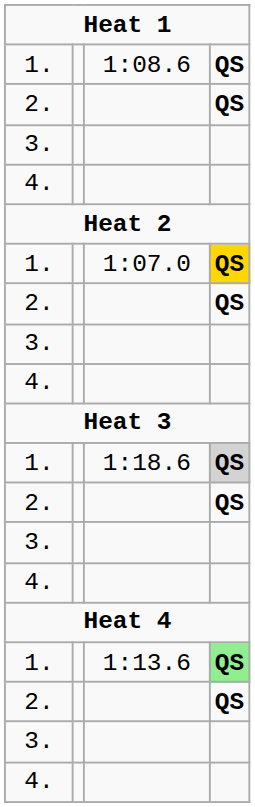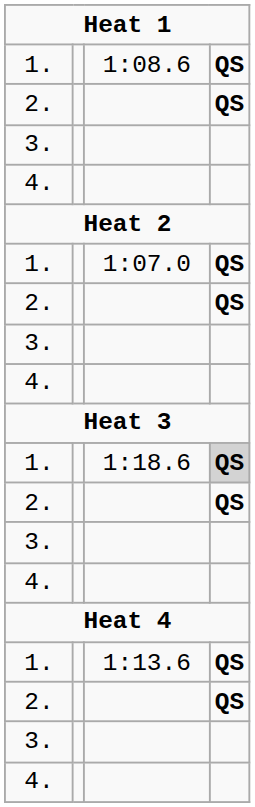 <table class=wikitable style="text-align:center">
 <tr>
 <td colspan=4><strong>Heat 1</strong></td>
 </tr>
 <tr>
 <td width=30>1.</td>
 <td align=left></td>
 <td width=60>1:08.6</td>
 <td><strong>QS</strong></td>
 </tr>
 <tr>
 <td>2.</td>
 <td align=left></td>
 <td></td>
 <td><strong>QS</strong></td>
 </tr>
 <tr>
 <td>3.</td>
 <td align=left></td>
 <td></td>
 <td></td>
 </tr>
 <tr>
 <td>4.</td>
 <td align=left></td>
 <td></td>
 <td></td>
 </tr>
 <tr>
 <td colspan=4><strong>Heat 2</strong></td>
 </tr>
 <tr>
 <td>1.</td>
 <td align=left></td>
 <td>1:07.0</td>
-<td style="background: gold;"><strong>QS</strong></td>
+<td><strong>QS</strong></td>
 </tr>
 <tr>
 <td>2.</td>
 <td align=left></td>
 <td></td>
 <td><strong>QS</strong></td>
 </tr>
 <tr>
 <td>3.</td>
 <td align=left></td>
 <td></td>
 <td></td>
 </tr>
 <tr>
 <td>4.</td>
 <td align=left></td>
 <td></td>
 <td></td>
 </tr>
 <tr>
 <td colspan=4><strong>Heat 3</strong></td>
 </tr>
 <tr>
 <td>1.</td>
 <td align=left></td>
 <td>1:18.6</td>
 <td style="background: lightgrey;"><strong>QS</strong></td>
 </tr>
 <tr>
 <td>2.</td>
 <td align=left></td>
 <td></td>
 <td><strong>QS</strong></td>
 </tr>
 <tr>
 <td>3.</td>
 <td align=left></td>
 <td></td>
 <td></td>
 </tr>
 <tr>
 <td>4.</td>
 <td align=left></td>
 <td></td>
 <td></td>
 </tr>
 <tr>
 <td colspan=4><strong>Heat 4</strong></td>
 </tr>
 <tr>
 <td>1.</td>
 <td align=left></td>
 <td>1:13.6</td>
-<td style="background: lightgreen;"><strong>QS</strong></td>
+<td><strong>QS</strong></td>
 </tr>
 <tr>
 <td>2.</td>
 <td align=left></td>
 <td></td>
 <td><strong>QS</strong></td>
 </tr>
 <tr>
 <td>3.</td>
 <td align=left></td>
 <td></td>
 <td></td>
 </tr>
 <tr>
 <td>4.</td>
 <td align=left></td>
 <td></td>
 <td></td>
 </tr>
 </table>
